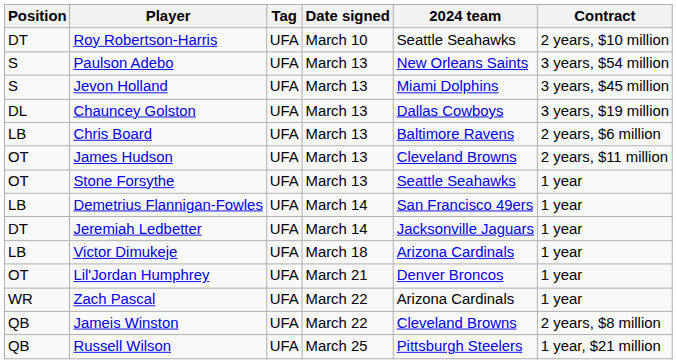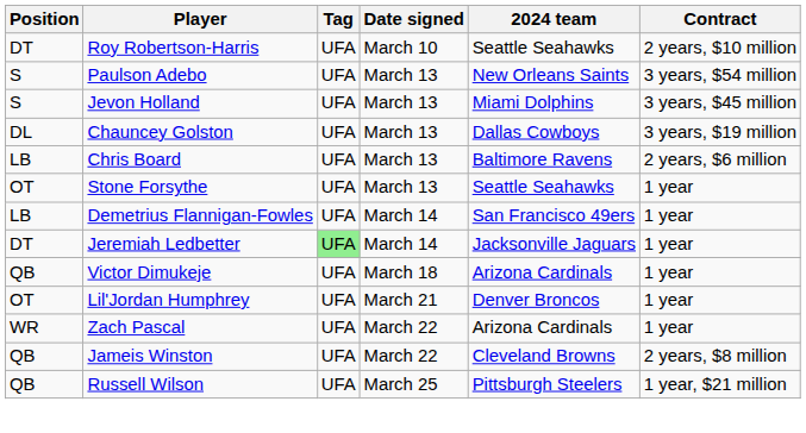 <table class="wikitable sortable">
 <tr>
 <th>Position</th>
 <th>Player</th>
 <th>Tag</th>
 <th>Date signed</th>
 <th>2024 team</th>
 <th>Contract</th>
 </tr>
 <tr>
 <td>DT</td>
 <td><a href='#'>Roy Robertson-Harris</a></td>
 <td>UFA</td>
 <td>March 10</td>
 <td>Seattle Seahawks</td>
 <td>2 years, $10 million</td>
 </tr>
 <tr>
 <td>S</td>
 <td><a href='#'>Paulson Adebo</a></td>
 <td>UFA</td>
 <td>March 13</td>
 <td><a href='#'>New Orleans Saints</a></td>
 <td>3 years, $54 million</td>
 </tr>
 <tr>
 <td>S</td>
 <td><a href='#'>Jevon Holland</a></td>
 <td>UFA</td>
 <td>March 13</td>
 <td><a href='#'>Miami Dolphins</a></td>
 <td>3 years, $45 million</td>
 </tr>
 <tr>
 <td>DL</td>
 <td><a href='#'>Chauncey Golston</a></td>
 <td>UFA</td>
 <td>March 13</td>
 <td><a href='#'>Dallas Cowboys</a></td>
 <td>3 years, $19 million</td>
 </tr>
 <tr>
 <td>LB</td>
 <td><a href='#'>Chris Board</a></td>
 <td>UFA</td>
 <td>March 13</td>
 <td><a href='#'>Baltimore Ravens</a></td>
 <td>2 years, $6 million</td>
 </tr>
 <tr>
 <td>OT</td>
-<td><a href='#'>James Hudson</a></td>
-<td>UFA</td>
-<td>March 13</td>
-<td><a href='#'>Cleveland Browns</a></td>
-<td>2 years, $11 million</td>
-</tr>
-<tr>
-<td>OT</td>
 <td><a href='#'>Stone Forsythe</a></td>
 <td>UFA</td>
 <td>March 13</td>
 <td><a href='#'>Seattle Seahawks</a></td>
 <td>1 year</td>
 </tr>
 <tr>
 <td>LB</td>
 <td><a href='#'>Demetrius Flannigan-Fowles</a></td>
 <td>UFA</td>
 <td>March 14</td>
 <td><a href='#'>San Francisco 49ers</a></td>
 <td>1 year</td>
 </tr>
 <tr>
 <td>DT</td>
 <td><a href='#'>Jeremiah Ledbetter</a></td>
-<td>UFA</td>
+<td style="background: lightgreen;">UFA</td>
 <td>March 14</td>
 <td><a href='#'>Jacksonville Jaguars</a></td>
 <td>1 year</td>
 </tr>
 <tr>
-<td>LB</td>
+<td>QB</td>
 <td><a href='#'>Victor Dimukeje</a></td>
 <td>UFA</td>
 <td>March 18</td>
 <td><a href='#'>Arizona Cardinals</a></td>
 <td>1 year</td>
 </tr>
 <tr>
 <td>OT</td>
 <td><a href='#'>Lil'Jordan Humphrey</a></td>
 <td>UFA</td>
 <td>March 21</td>
 <td><a href='#'>Denver Broncos</a></td>
 <td>1 year</td>
 </tr>
 <tr>
 <td>WR</td>
 <td><a href='#'>Zach Pascal</a></td>
 <td>UFA</td>
 <td>March 22</td>
 <td>Arizona Cardinals</td>
 <td>1 year</td>
 </tr>
 <tr>
 <td>QB</td>
 <td><a href='#'>Jameis Winston</a></td>
 <td>UFA</td>
 <td>March 22</td>
 <td><a href='#'>Cleveland Browns</a></td>
 <td>2 years, $8 million</td>
 </tr>
 <tr>
 <td>QB</td>
 <td><a href='#'>Russell Wilson</a></td>
 <td>UFA</td>
 <td>March 25</td>
 <td><a href='#'>Pittsburgh Steelers</a></td>
 <td>1 year, $21 million</td>
 </tr>
 </table>
